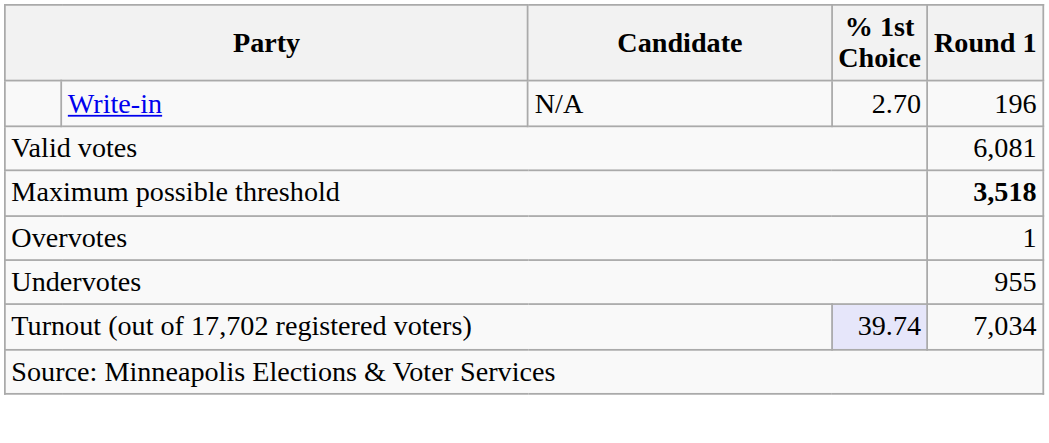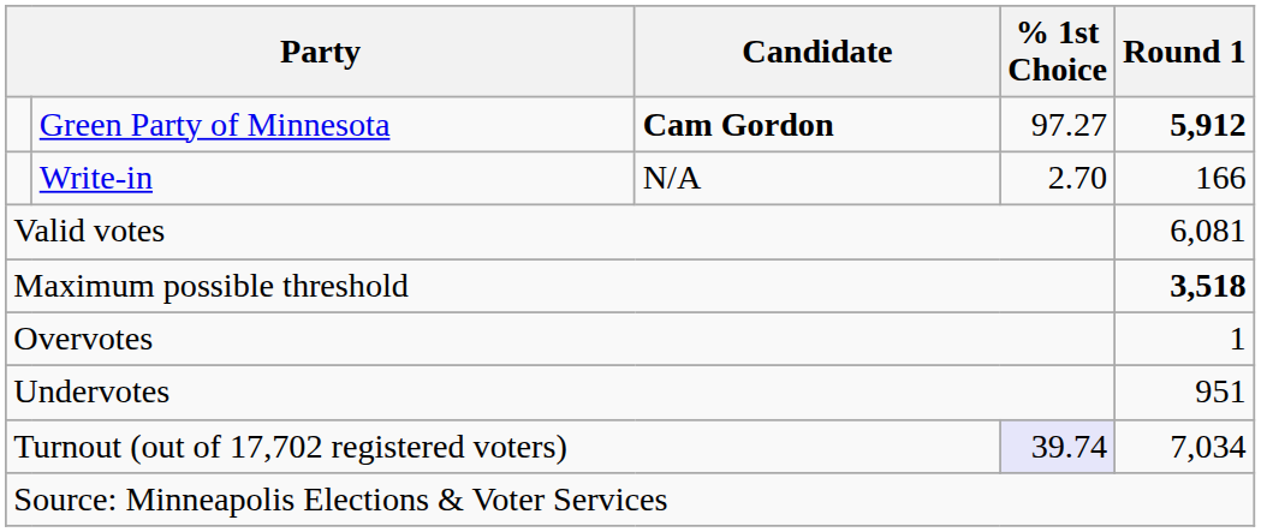 <table class="wikitable">
 <tr>
 <th colspan="2" style="width:290px">Party</th>
 <th style="width:165px">Candidate</th>
 <th>% 1st<br>Choice</th>
 <th>Round 1</th>
 </tr>
 <tr>
 <td style="background-color:"></td>
+<td><a href='#'>Green Party of Minnesota</a></td>
+<td><strong>Cam Gordon</strong></td>
+<td align="right">97.27</td>
+<td align="right"><strong>5,912</strong></td>
+</tr>
+<tr>
+<td style="background-color:"></td>
 <td><a href='#'>Write-in</a></td>
 <td>N/A</td>
 <td align="right">2.70</td>
-<td align="right">196</td>
+<td align="right">166</td>
 </tr>
 <tr>
 <td colspan="4">Valid votes</td>
 <td align="right">6,081</td>
 </tr>
 <tr>
 <td colspan="4">Maximum possible threshold</td>
 <td align="right"><strong>3,518</strong></td>
 </tr>
 <tr>
 <td colspan="4">Overvotes</td>
 <td align="right">1</td>
 </tr>
 <tr>
 <td colspan="4">Undervotes</td>
-<td align="right">955</td>
+<td align="right">951</td>
 </tr>
 <tr>
 <td colspan="3">Turnout (out of 17,702 registered voters)</td>
 <td align="right" style="background: lavender;">39.74</td>
 <td align="right">7,034</td>
 </tr>
 <tr>
 <td colspan="5">Source: Minneapolis Elections & Voter Services</td>
 </tr>
 </table>
